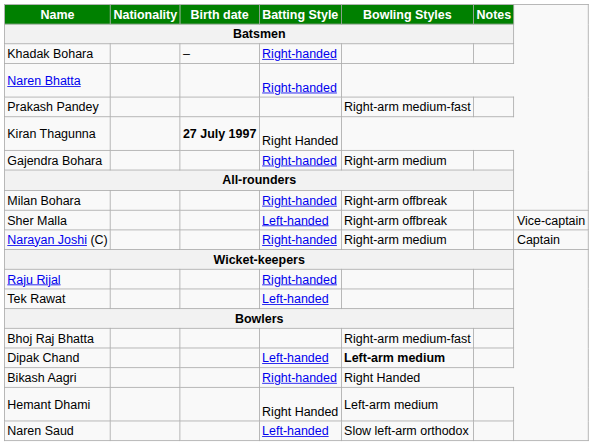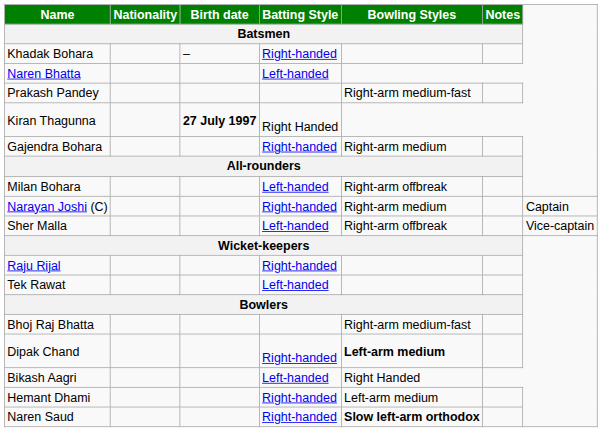 <table class="sortable wikitable" , style="font-size:95%;">
 <tr>
 <th style="background:#008000; color:white; text-align:centre;">Name</th>
 <th style="background:#008000; color:white; text-align:centre;">Nationality</th>
 <th style="background:#008000; color:white; text-align:centre;">Birth date</th>
 <th style="background:#008000; color:white; text-align:centre;">Batting Style</th>
 <th style="background:#008000; color:white; text-align:centre;">Bowling Styles</th>
 <th style="background:#008000; color:white; text-align:centre;">Notes</th>
 </tr>
 <tr>
 <th colspan="6";text-align:center>Batsmen</th>
 </tr>
 <tr>
 <td>Khadak Bohara</td>
 <td></td>
 <td>–</td>
 <td><a href='#'>Right-handed</a></td>
 <td></td>
 <td></td>
 </tr>
 <tr>
 <td><a href='#'>Naren Bhatta</a></td>
 <td></td>
 <td></td>
-<td><br><a href='#'>Right-handed</a></td>
+<td><a href='#'>Left-handed</a></td>
 </tr>
 <tr>
 <td>Prakash Pandey</td>
 <td></td>
 <td></td>
 <td></td>
 <td>Right-arm medium-fast</td>
 <td></td>
 </tr>
 <tr>
 <td>Kiran Thagunna</td>
 <td></td>
 <td {Dts><strong>27 July 1997</strong></td>
 <td><br>Right Handed</td>
 </tr>
 <tr>
 <td>Gajendra Bohara</td>
 <td></td>
 <td></td>
 <td><a href='#'>Right-handed</a></td>
 <td>Right-arm medium</td>
 <td></td>
 </tr>
 <tr>
 <th colspan="6";text-align:center>All-rounders</th>
 </tr>
 <tr>
 <td>Milan Bohara</td>
 <td></td>
 <td></td>
-<td><a href='#'>Right-handed</a></td>
+<td><a href='#'>Left-handed</a></td>
 <td>Right-arm offbreak</td>
 <td></td>
+</tr>
+<tr>
+<td><a href='#'>Narayan Joshi</a> (C)</td>
+<td></td>
+<td></td>
+<td><a href='#'>Right-handed</a></td>
+<td>Right-arm medium</td>
+<td></td>
+<td>Captain</td>
 </tr>
 <tr>
 <td>Sher Malla</td>
 <td></td>
 <td></td>
 <td><a href='#'>Left-handed</a></td>
 <td>Right-arm offbreak</td>
 <td></td>
 <td>Vice-captain</td>
-</tr>
-<tr>
-<td><a href='#'>Narayan Joshi</a> (C)</td>
-<td></td>
-<td></td>
-<td><a href='#'>Right-handed</a></td>
-<td>Right-arm medium</td>
-<td></td>
-<td>Captain</td>
 </tr>
 <tr>
 <th colspan ="6";text-align:center>Wicket-keepers</th>
 </tr>
 <tr>
 <td><a href='#'>Raju Rijal</a></td>
 <td></td>
 <td></td>
 <td><a href='#'>Right-handed</a></td>
 <td></td>
 <td></td>
 </tr>
 <tr>
 <td>Tek Rawat</td>
 <td></td>
 <td></td>
 <td><a href='#'>Left-handed</a></td>
 <td></td>
 <td></td>
 </tr>
 <tr>
 <th colspan="6";text-align:center>Bowlers</th>
 </tr>
 <tr>
 <td>Bhoj Raj Bhatta</td>
 <td></td>
 <td></td>
 <td></td>
 <td>Right-arm medium-fast</td>
 <td></td>
 </tr>
 <tr>
 <td>Dipak Chand</td>
 <td></td>
 <td></td>
-<td><a href='#'>Left-handed</a></td>
+<td><br><a href='#'>Right-handed</a></td>
 <td><strong>Left-arm medium</strong></td>
 <td></td>
 </tr>
 <tr>
 <td>Bikash Aagri</td>
 <td></td>
 <td></td>
-<td><a href='#'>Right-handed</a></td>
+<td><a href='#'>Left-handed</a></td>
 <td>Right Handed</td>
 </tr>
 <tr>
 <td>Hemant Dhami</td>
 <td></td>
 <td></td>
-<td><br>Right Handed</td>
+<td><a href='#'>Right-handed</a></td>
 <td>Left-arm medium</td>
 <td></td>
 </tr>
 <tr>
 <td>Naren Saud</td>
 <td></td>
 <td></td>
-<td><a href='#'>Left-handed</a></td>
-<td>Slow left-arm orthodox</td>
+<td><a href='#'>Right-handed</a></td>
+<td><strong>Slow left-arm orthodox</strong></td>
 <td></td>
 </tr>
 </table>
